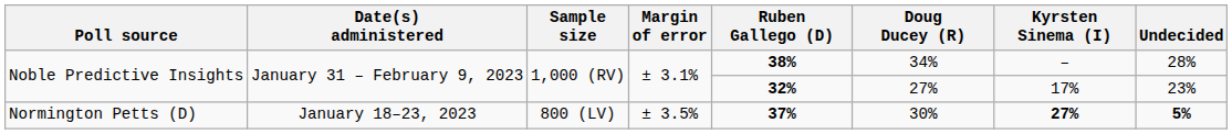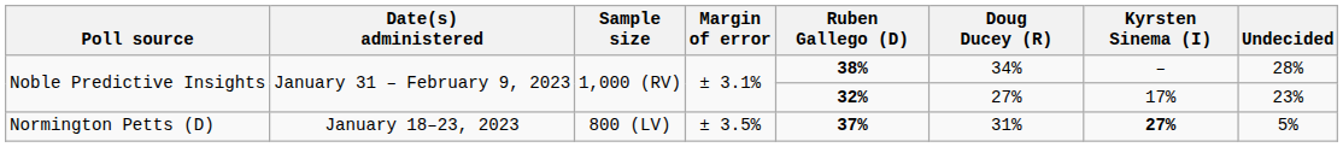 <table class="wikitable" style="font-size:90%;text-align:center;">
 <tr style="vertical-align:bottom">
 <th>Poll source</th>
 <th>Date(s)<br>administered</th>
 <th>Sample<br>size</th>
 <th>Margin<br>of error</th>
 <th style="width:100px;">Ruben<br>Gallego (D)</th>
 <th style="width:100px;">Doug<br>Ducey (R)</th>
 <th style="width:100px;">Kyrsten<br>Sinema (I)</th>
 <th>Undecided</th>
 </tr>
 <tr>
 <td rowspan=2 style="text-align:left">Noble Predictive Insights</td>
 <td rowspan=2>January 31 – February 9, 2023</td>
 <td rowspan=2>1,000 (RV)</td>
 <td rowspan=2>± 3.1%</td>
 <td><strong>38%</strong></td>
 <td>34%</td>
 <td>–</td>
 <td>28%</td>
 </tr>
 <tr>
 <td><strong>32%</strong></td>
 <td>27%</td>
 <td>17%</td>
 <td>23%</td>
 </tr>
 <tr>
 <td style="text-align:left">Normington Petts (D)</td>
 <td>January 18–23, 2023</td>
 <td>800 (LV)</td>
 <td>± 3.5%</td>
 <td><strong>37%</strong></td>
-<td>30%</td>
+<td>31%</td>
 <td><strong>27%</strong></td>
-<td><strong>5%</strong></td>
+<td>5%</td>
 </tr>
 </table>
